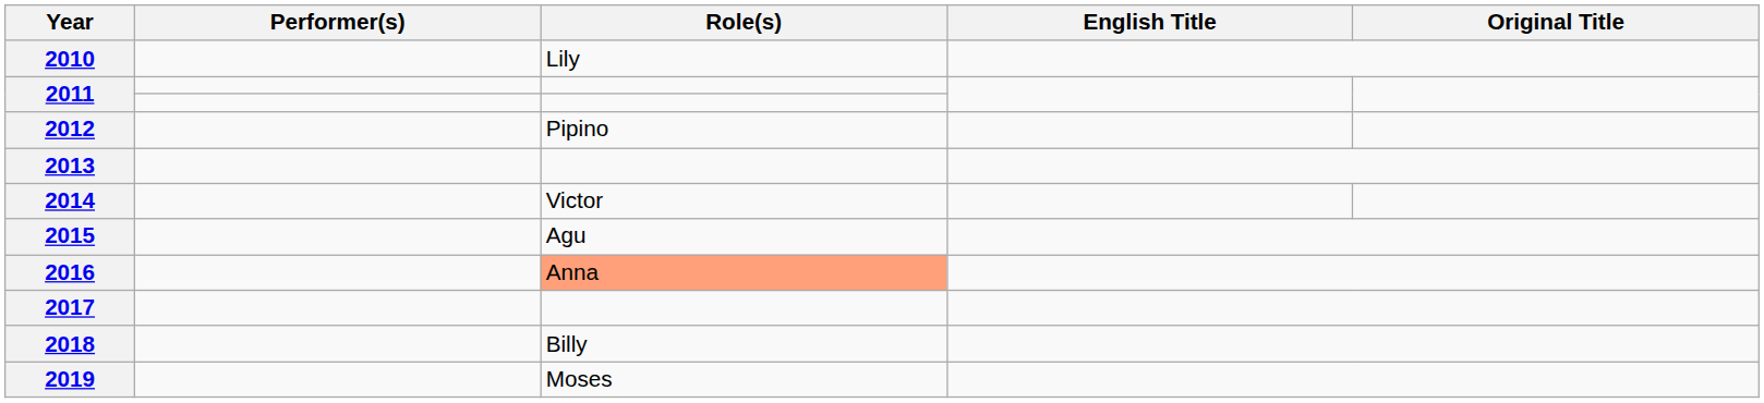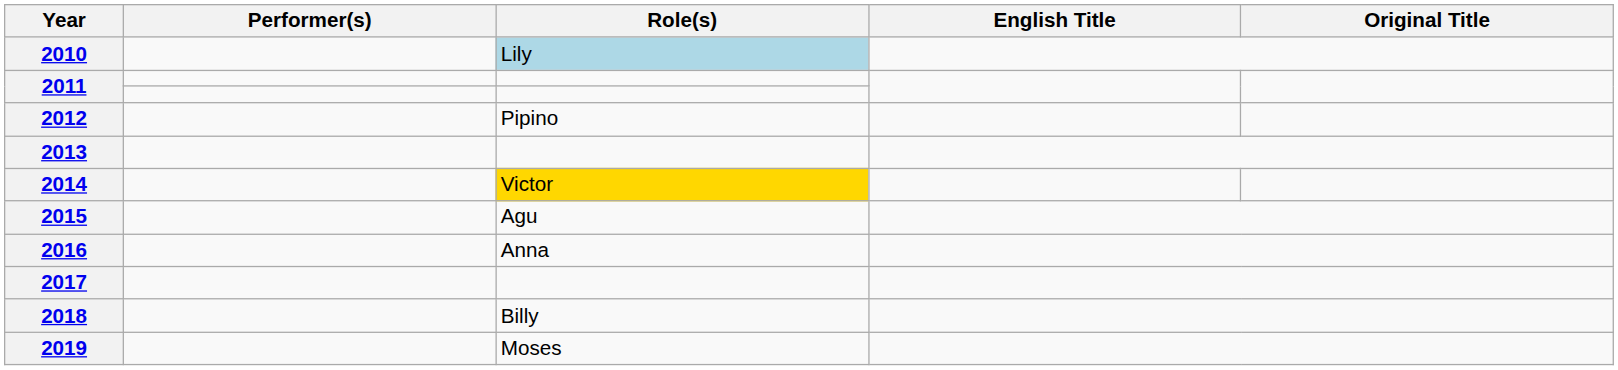 <table class="wikitable plainrowheaders">
 <tr>
 <th scope="col" style="width:3%;">Year</th>
 <th scope="col" style="width:10%;">Performer(s)</th>
 <th scope="col" style="width:10%;">Role(s)</th>
 <th scope="col" style="width:10%;">English Title</th>
 <th scope="col" style="width:10%;">Original Title</th>
 </tr>
 <tr>
 <th><a href='#'>2010</a></th>
 <td></td>
-<td>Lily</td>
+<td style="background: lightblue;">Lily</td>
 <td colspan="2"></td>
 </tr>
 <tr>
 <th rowspan="2"><a href='#'>2011</a></th>
 <td></td>
 <td></td>
 <td rowspan="2"></td>
 <td rowspan="2"></td>
 </tr>
 <tr>
 <td></td>
 <td></td>
 </tr>
 <tr>
 <th><a href='#'>2012</a></th>
 <td></td>
 <td>Pipino</td>
 <td></td>
 <td></td>
 </tr>
 <tr>
 <th><a href='#'>2013</a></th>
 <td></td>
 <td></td>
 <td colspan="2"></td>
 </tr>
 <tr>
 <th><a href='#'>2014</a></th>
 <td></td>
-<td>Victor</td>
+<td style="background: gold;">Victor</td>
 <td></td>
 <td></td>
 </tr>
 <tr>
 <th><a href='#'>2015</a></th>
 <td></td>
 <td>Agu</td>
 <td colspan="2"></td>
 </tr>
 <tr>
 <th><a href='#'>2016</a></th>
 <td></td>
-<td style="background: lightsalmon;">Anna</td>
+<td>Anna</td>
 <td colspan="2"></td>
 </tr>
 <tr>
 <th><a href='#'>2017</a></th>
 <td></td>
 <td></td>
 <td colspan="2"></td>
 </tr>
 <tr>
 <th><a href='#'>2018</a></th>
 <td></td>
 <td>Billy</td>
 <td colspan="2"></td>
 </tr>
 <tr>
 <th><a href='#'>2019</a></th>
 <td></td>
 <td>Moses</td>
 <td colspan="2"></td>
 </tr>
 </table>
